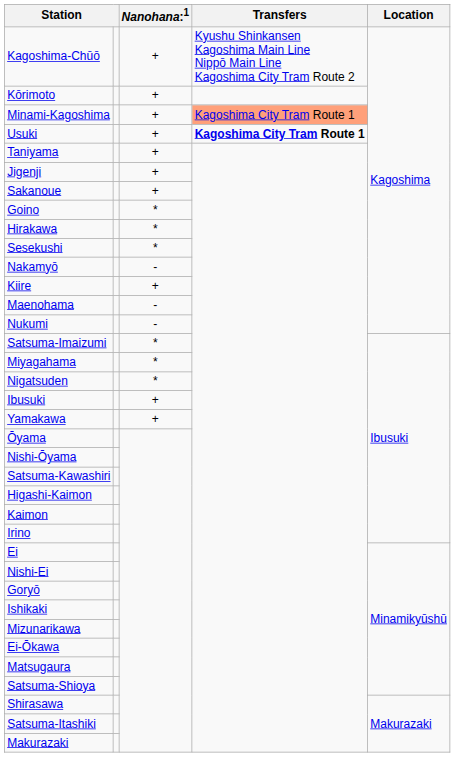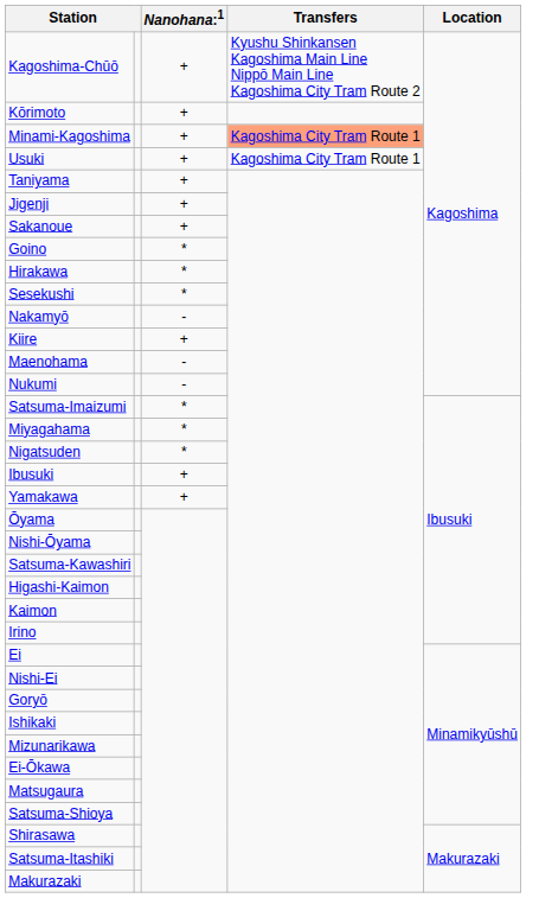 <table class="wikitable">
 <tr>
 <th colspan="2">Station</th>
 <th><em>Nanohana</em>:<sup>1</sup></th>
 <th>Transfers</th>
 <th colspan="2">Location</th>
 </tr>
 <tr>
 <td><a href='#'>Kagoshima-Chūō</a></td>
 <td></td>
 <td style="text-align:center">+</td>
 <td> <a href='#'>Kyushu Shinkansen</a><br> <a href='#'>Kagoshima Main Line</a><br> <a href='#'>Nippō Main Line</a><br> <a href='#'>Kagoshima City Tram</a> Route 2</td>
 <td rowspan="14"><a href='#'>Kagoshima</a></td>
 </tr>
 <tr>
 <td><a href='#'>Kōrimoto</a></td>
 <td></td>
 <td style="text-align:center">+</td>
 </tr>
 <tr>
 <td><a href='#'>Minami-Kagoshima</a></td>
 <td></td>
 <td style="text-align:center">+</td>
 <td style="background: lightsalmon;"> <a href='#'>Kagoshima City Tram</a> Route 1</td>
 </tr>
 <tr>
 <td><a href='#'>Usuki</a></td>
 <td></td>
 <td style="text-align:center">+</td>
-<td><strong> <a href='#'>Kagoshima City Tram</a> Route 1</strong></td>
+<td> <a href='#'>Kagoshima City Tram</a> Route 1</td>
 </tr>
 <tr>
 <td><a href='#'>Taniyama</a></td>
 <td></td>
 <td style="text-align:center">+</td>
 <td rowspan="32"></td>
 </tr>
 <tr>
 <td><a href='#'>Jigenji</a></td>
 <td></td>
 <td style="text-align:center">+</td>
 </tr>
 <tr>
 <td><a href='#'>Sakanoue</a></td>
 <td></td>
 <td style="text-align:center">+</td>
 </tr>
 <tr>
 <td><a href='#'>Goino</a></td>
 <td></td>
 <td style="text-align:center">*</td>
 </tr>
 <tr>
 <td><a href='#'>Hirakawa</a></td>
 <td></td>
 <td style="text-align:center">*</td>
 </tr>
 <tr>
 <td><a href='#'>Sesekushi</a></td>
 <td></td>
 <td style="text-align:center">*</td>
 </tr>
 <tr>
 <td><a href='#'>Nakamyō</a></td>
 <td></td>
 <td style="text-align:center">-</td>
 </tr>
 <tr>
 <td><a href='#'>Kiire</a></td>
 <td></td>
 <td style="text-align:center">+</td>
 </tr>
 <tr>
 <td><a href='#'>Maenohama</a></td>
 <td></td>
 <td style="text-align:center">-</td>
 </tr>
 <tr>
 <td><a href='#'>Nukumi</a></td>
 <td></td>
 <td style="text-align:center">-</td>
 </tr>
 <tr>
 <td><a href='#'>Satsuma-Imaizumi</a></td>
 <td></td>
 <td style="text-align:center">*</td>
 <td rowspan="11"><a href='#'>Ibusuki</a></td>
 </tr>
 <tr>
 <td><a href='#'>Miyagahama</a></td>
 <td></td>
 <td style="text-align:center">*</td>
 </tr>
 <tr>
 <td><a href='#'>Nigatsuden</a></td>
 <td></td>
 <td style="text-align:center">*</td>
 </tr>
 <tr>
 <td><a href='#'>Ibusuki</a></td>
 <td></td>
 <td style="text-align:center">+</td>
 </tr>
 <tr>
 <td><a href='#'>Yamakawa</a></td>
 <td></td>
 <td style="text-align:center">+</td>
 </tr>
 <tr>
 <td><a href='#'>Ōyama</a></td>
 <td></td>
 <td rowspan="17"> </td>
 </tr>
 <tr>
 <td><a href='#'>Nishi-Ōyama</a></td>
 <td></td>
 </tr>
 <tr>
 <td><a href='#'>Satsuma-Kawashiri</a></td>
 <td></td>
 </tr>
 <tr>
 <td><a href='#'>Higashi-Kaimon</a></td>
 <td></td>
 </tr>
 <tr>
 <td><a href='#'>Kaimon</a></td>
 <td></td>
 </tr>
 <tr>
 <td><a href='#'>Irino</a></td>
 <td></td>
 </tr>
 <tr>
 <td><a href='#'>Ei</a></td>
 <td></td>
 <td rowspan="8"><a href='#'>Minamikyūshū</a></td>
 </tr>
 <tr>
 <td><a href='#'>Nishi-Ei</a></td>
 <td></td>
 </tr>
 <tr>
 <td><a href='#'>Goryō</a></td>
 <td></td>
 </tr>
 <tr>
 <td><a href='#'>Ishikaki</a></td>
 <td></td>
 </tr>
 <tr>
 <td><a href='#'>Mizunarikawa</a></td>
 <td></td>
 </tr>
 <tr>
 <td><a href='#'>Ei-Ōkawa</a></td>
 <td></td>
 </tr>
 <tr>
 <td><a href='#'>Matsugaura</a></td>
 <td></td>
 </tr>
 <tr>
 <td><a href='#'>Satsuma-Shioya</a></td>
 <td></td>
 </tr>
 <tr>
 <td><a href='#'>Shirasawa</a></td>
 <td></td>
 <td rowspan="3"><a href='#'>Makurazaki</a></td>
 </tr>
 <tr>
 <td><a href='#'>Satsuma-Itashiki</a></td>
 <td></td>
 </tr>
 <tr>
 <td><a href='#'>Makurazaki</a></td>
 <td></td>
 </tr>
 </table>
